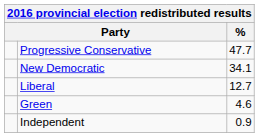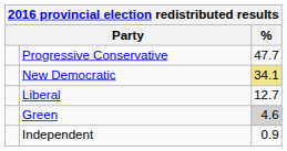 <table class="wikitable">
 <tr>
 <th colspan="4"><a href='#'>2016 provincial election</a> redistributed results</th>
 </tr>
 <tr>
 <th bgcolor="#DDDDFF" width="130px" colspan="2">Party</th>
 <th bgcolor="#DDDDFF" width="30px">%</th>
 </tr>
 <tr>
 <td> </td>
 <td><a href='#'>Progressive Conservative</a></td>
 <td align=right>47.7</td>
 </tr>
 <tr>
 <td> </td>
 <td><a href='#'>New Democratic</a></td>
-<td align=right>34.1</td>
+<td align=right style="background: khaki;">34.1</td>
 </tr>
 <tr>
 <td> </td>
 <td><a href='#'>Liberal</a></td>
 <td align=right>12.7</td>
 </tr>
 <tr>
 <td> </td>
 <td><a href='#'>Green</a></td>
-<td align=right>4.6</td>
+<td align=right style="background: lightgrey;">4.6</td>
 </tr>
 <tr>
 <td> </td>
 <td>Independent</td>
 <td align=right>0.9</td>
 </tr>
 </table>
